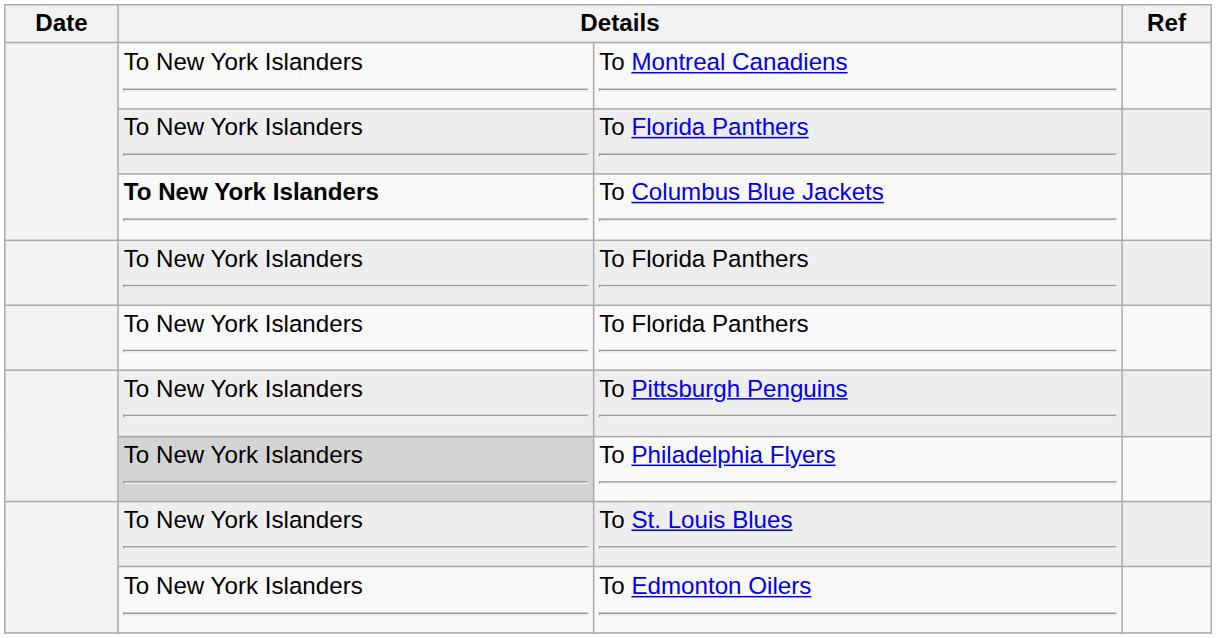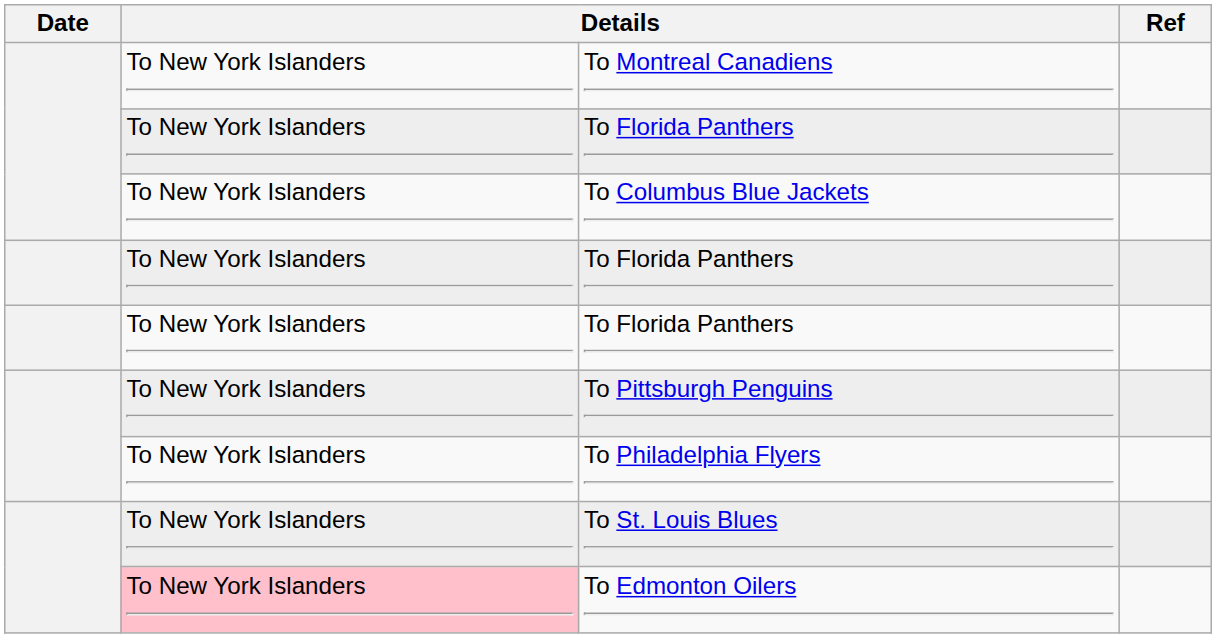 <table class="wikitable plainrowheaders" style="width: 50em;">
 <tr>
 <th scope="col">Date</th>
 <th scope="col" colspan="2">Details</th>
 <th scope="col">Ref</th>
 </tr>
 <tr>
 <th scope="row" rowspan=3></th>
 <td valign="top">To New York Islanders <hr></td>
 <td valign="top">To <a href='#'>Montreal Canadiens</a> <hr></td>
 <td></td>
 </tr>
 <tr bgcolor="#eeeeee">
 <td valign="top">To New York Islanders <hr></td>
 <td valign="top">To <a href='#'>Florida Panthers</a> <hr></td>
 <td></td>
 </tr>
 <tr>
-<td valign="top"><strong>To New York Islanders <hr></strong></td>
+<td valign="top">To New York Islanders <hr></td>
 <td valign="top">To <a href='#'>Columbus Blue Jackets</a> <hr></td>
 <td></td>
 </tr>
 <tr bgcolor="#eeeeee">
 <th scope="row"></th>
 <td valign="top">To New York Islanders <hr></td>
 <td valign="top">To Florida Panthers <hr></td>
 <td></td>
 </tr>
 <tr>
 <th scope="row"></th>
 <td valign="top">To New York Islanders <hr></td>
 <td valign="top">To Florida Panthers <hr></td>
 <td></td>
 </tr>
 <tr bgcolor="#eeeeee">
 <th scope="row" rowspan=2></th>
 <td valign="top">To New York Islanders <hr></td>
 <td valign="top">To <a href='#'>Pittsburgh Penguins</a> <hr></td>
 <td></td>
 </tr>
 <tr>
-<td valign="top" style="background: lightgrey;">To New York Islanders <hr></td>
+<td valign="top">To New York Islanders <hr></td>
 <td valign="top">To <a href='#'>Philadelphia Flyers</a> <hr></td>
 <td></td>
 </tr>
 <tr bgcolor="#eeeeee">
 <th scope="row" rowspan=2></th>
 <td valign="top">To New York Islanders <hr></td>
 <td valign="top">To <a href='#'>St. Louis Blues</a> <hr></td>
 <td></td>
 </tr>
 <tr>
-<td valign="top">To New York Islanders <hr></td>
+<td valign="top" style="background: pink;">To New York Islanders <hr></td>
 <td valign="top">To <a href='#'>Edmonton Oilers</a> <hr></td>
 <td></td>
 </tr>
 </table>
